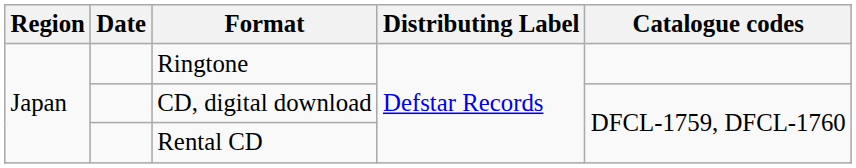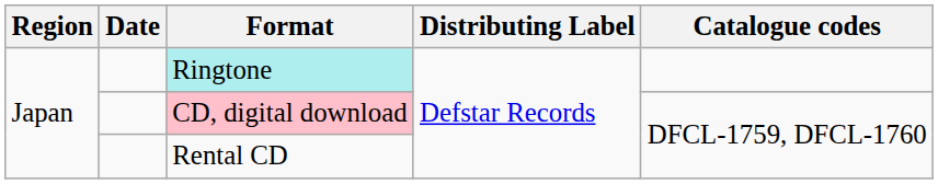 <table class="wikitable">
 <tr>
 <th>Region</th>
 <th>Date</th>
 <th>Format</th>
 <th>Distributing Label</th>
 <th>Catalogue codes</th>
 </tr>
 <tr>
 <td rowspan="3">Japan</td>
 <td></td>
-<td>Ringtone</td>
+<td style="background: paleturquoise;">Ringtone</td>
 <td rowspan="3"><a href='#'>Defstar Records</a></td>
 <td rowspan="1"></td>
 </tr>
 <tr>
 <td></td>
-<td>CD, digital download</td>
+<td style="background: pink;">CD, digital download</td>
 <td rowspan="2">DFCL-1759, DFCL-1760</td>
 </tr>
 <tr>
 <td></td>
 <td>Rental CD</td>
 </tr>
 </table>
